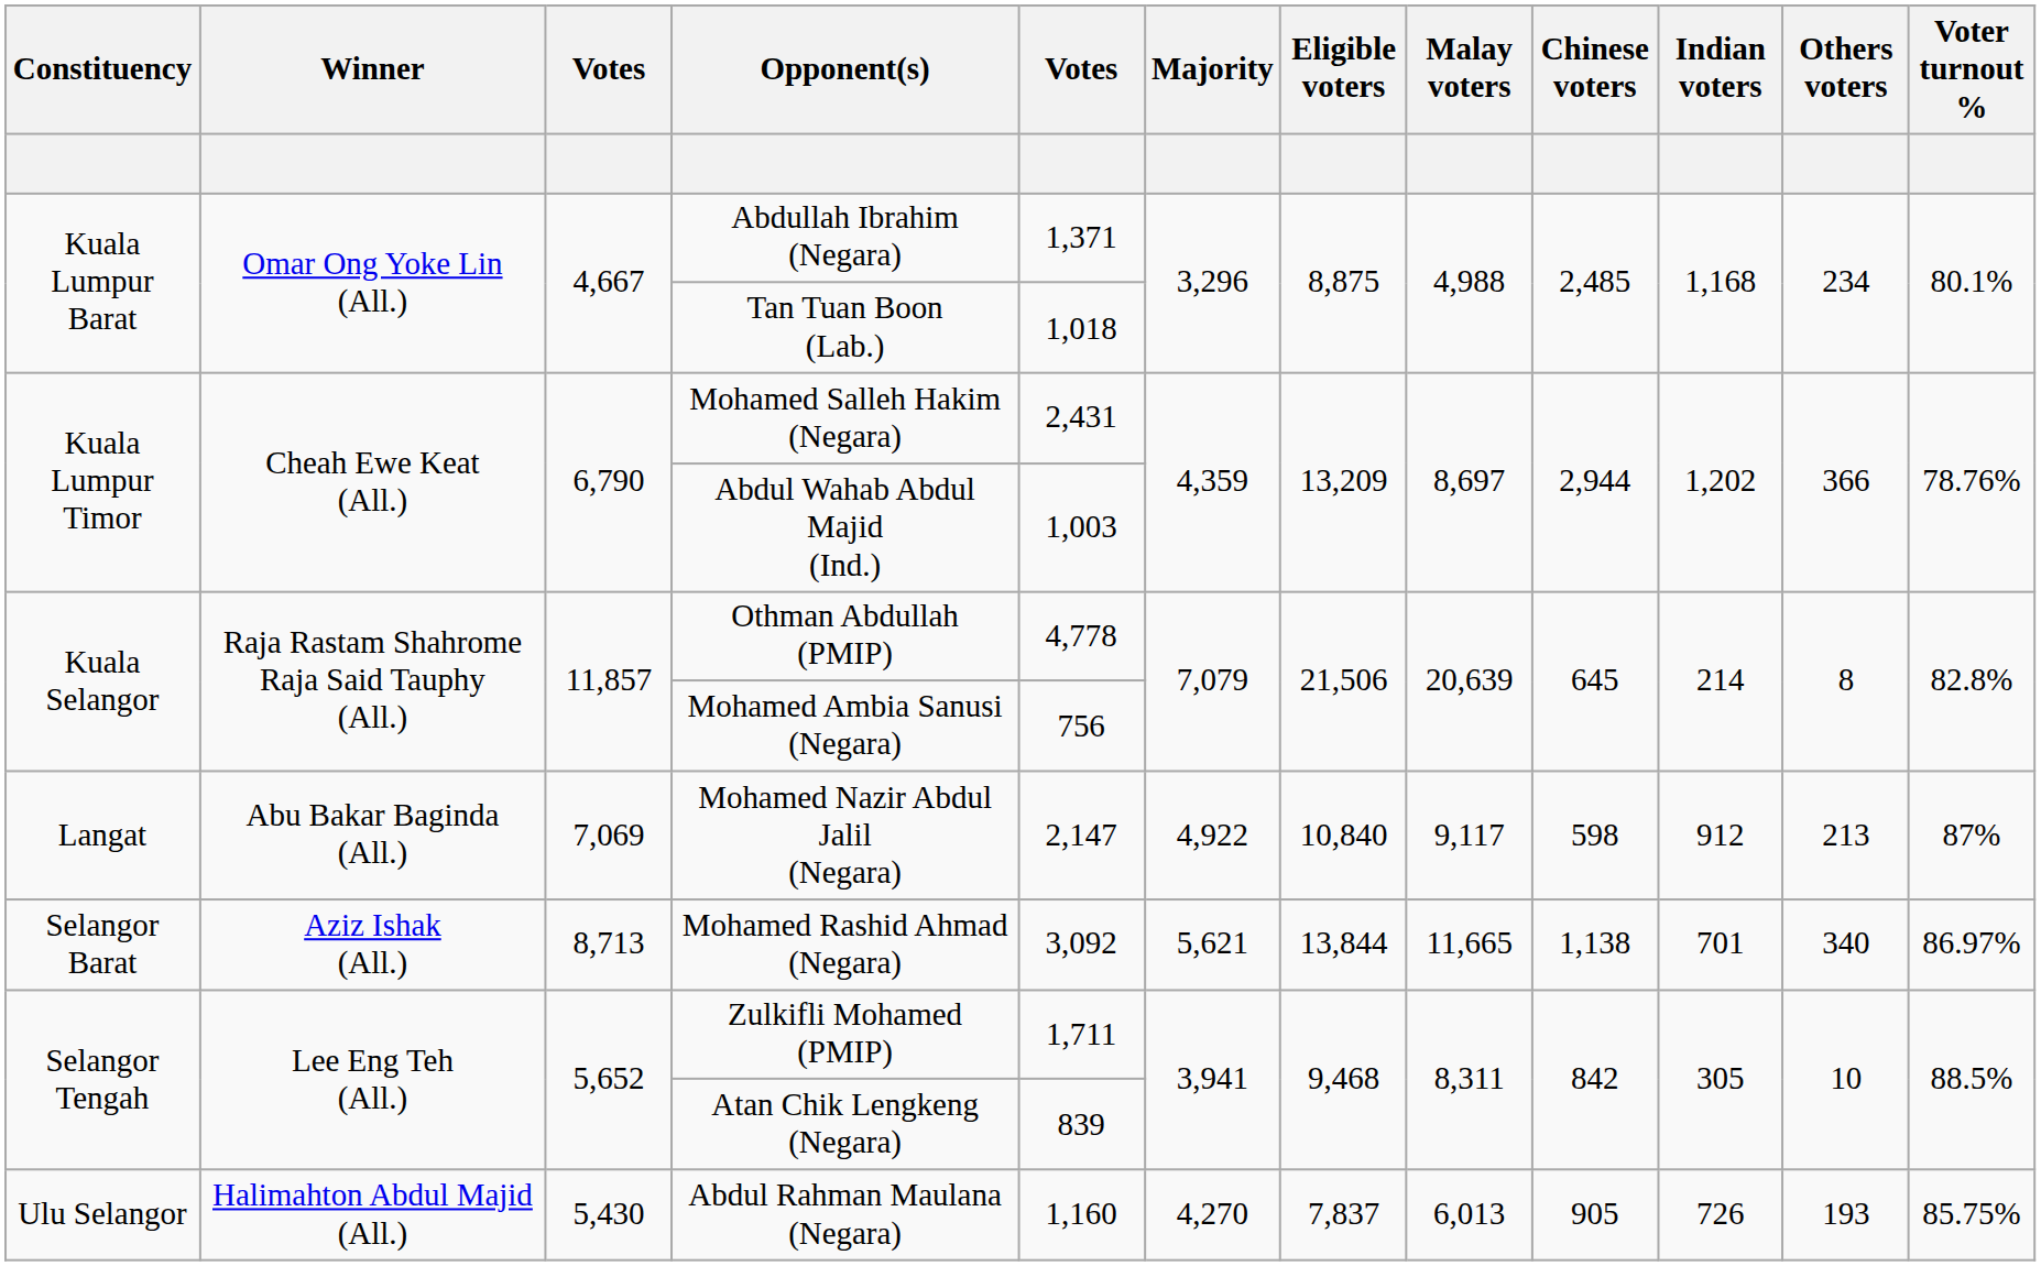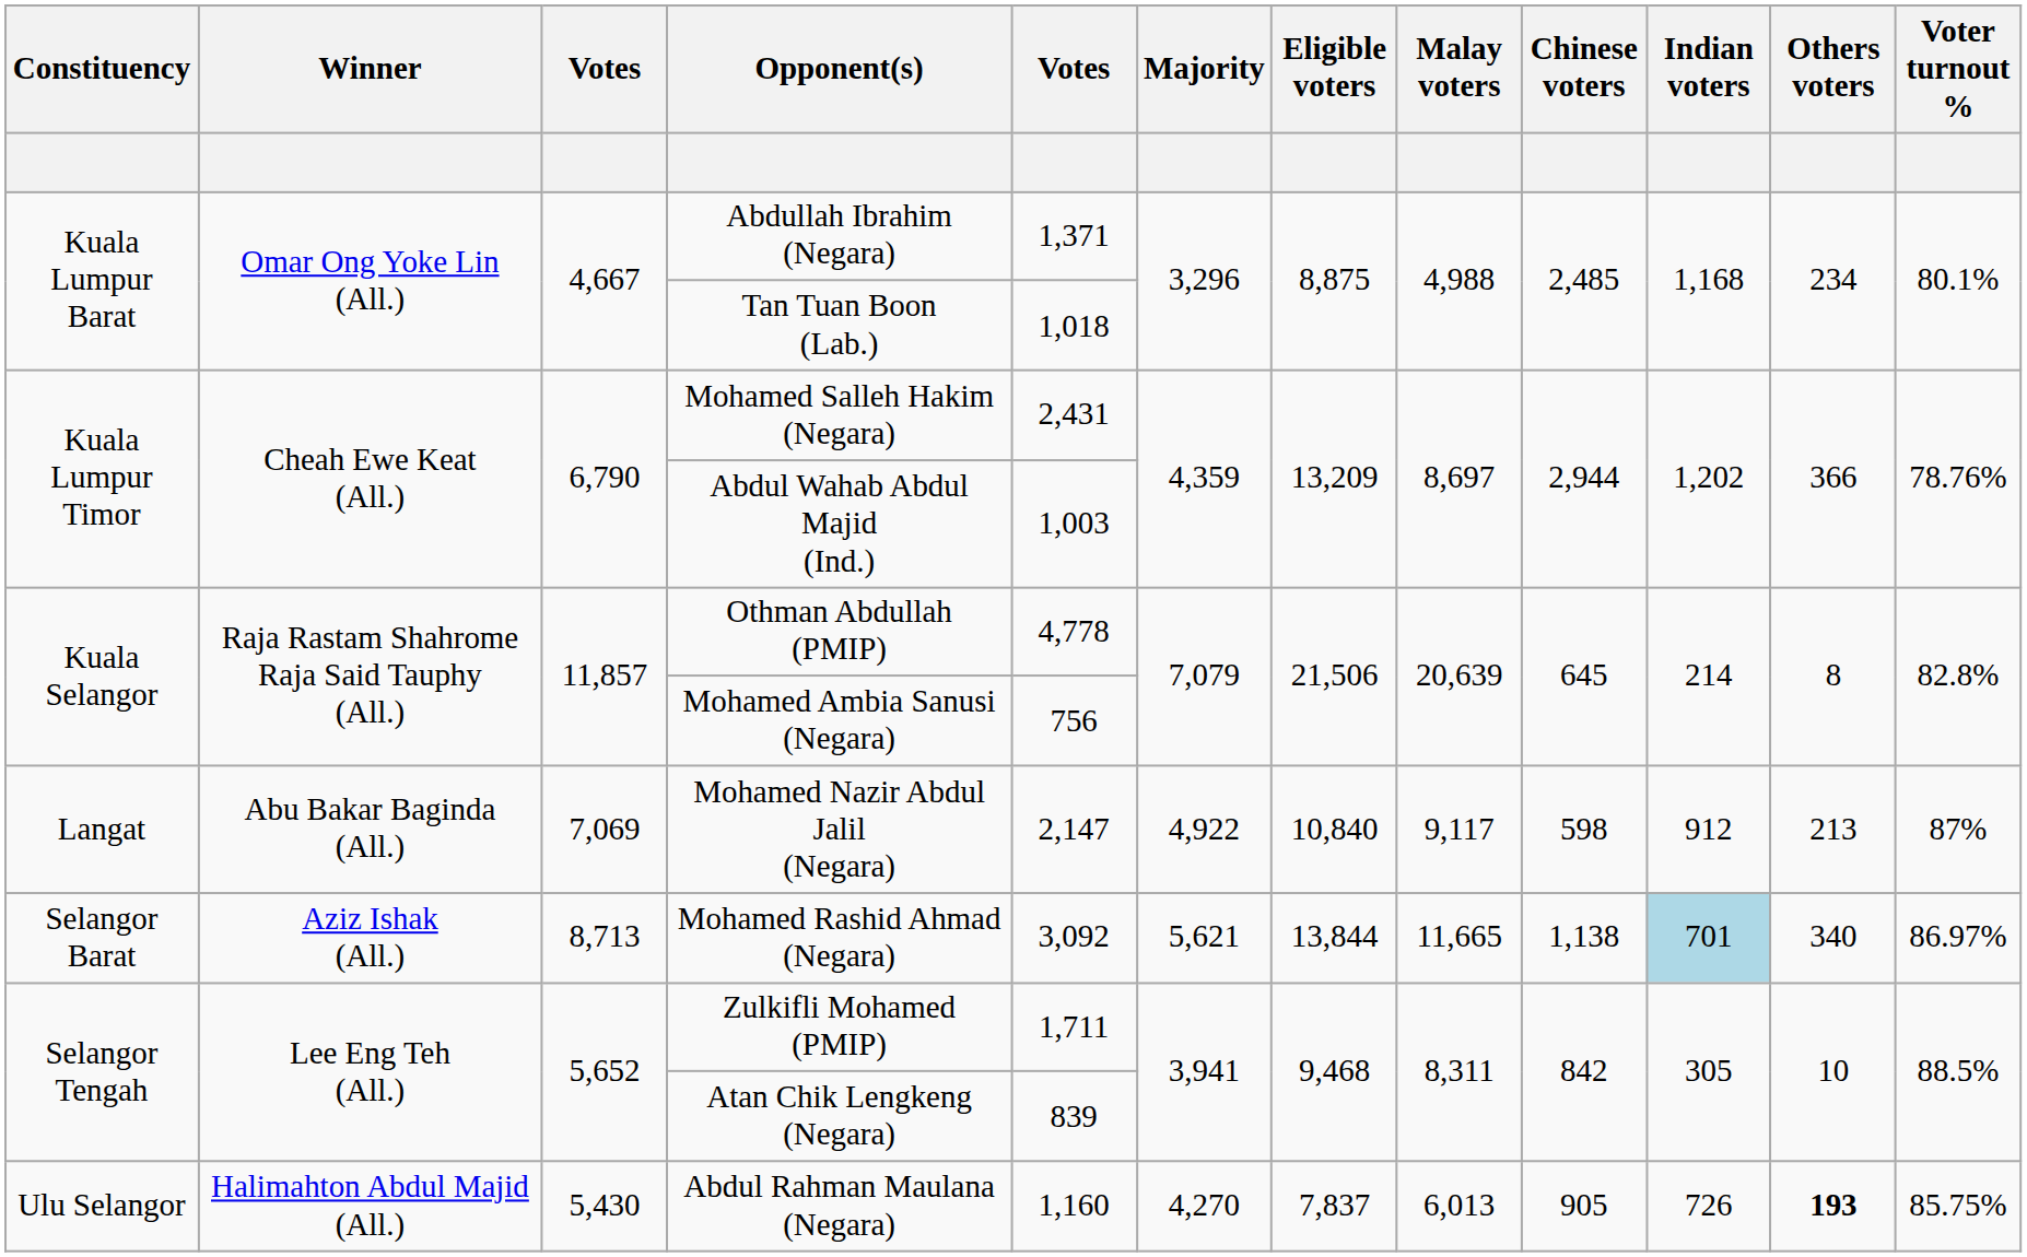 <table class="wikitable sortable" style="text-align:center; font-size:90%">
 <tr>
 <th width="60">Constituency</th>
 <th width="150">Winner</th>
 <th width="50">Votes</th>
 <th width="150">Opponent(s)</th>
 <th width="50">Votes</th>
 <th width="50">Majority</th>
 <th width="50">Eligible voters</th>
 <th width="50">Malay voters</th>
 <th width="50">Chinese voters</th>
 <th width="50">Indian voters</th>
 <th width="50">Others voters</th>
 <th width="50">Voter turnout %</th>
 </tr>
 <tr>
 <th height="20"></th>
 <th></th>
 <th></th>
 <th></th>
 <th></th>
 <th></th>
 <th></th>
 <th></th>
 <th></th>
 <th></th>
 <th></th>
 <th></th>
 </tr>
 <tr>
 <td rowspan=2>Kuala Lumpur Barat</td>
 <td rowspan=2><a href='#'>Omar Ong Yoke Lin</a><br>(All.)</td>
 <td rowspan=2>4,667</td>
 <td>Abdullah Ibrahim<br>(Negara)</td>
 <td>1,371</td>
 <td rowspan=2>3,296</td>
 <td rowspan=2>8,875</td>
 <td rowspan=2>4,988</td>
 <td rowspan=2>2,485</td>
 <td rowspan=2>1,168</td>
 <td rowspan=2>234</td>
 <td rowspan=2>80.1%</td>
 </tr>
 <tr>
 <td>Tan Tuan Boon<br>(Lab.)</td>
 <td>1,018</td>
 </tr>
 <tr>
 <td rowspan=2>Kuala Lumpur Timor</td>
 <td rowspan=2>Cheah Ewe Keat<br>(All.)</td>
 <td rowspan=2>6,790</td>
 <td>Mohamed Salleh Hakim<br>(Negara)</td>
 <td>2,431</td>
 <td rowspan=2>4,359</td>
 <td rowspan=2>13,209</td>
 <td rowspan=2>8,697</td>
 <td rowspan=2>2,944</td>
 <td rowspan=2>1,202</td>
 <td rowspan=2>366</td>
 <td rowspan=2>78.76%</td>
 </tr>
 <tr>
 <td>Abdul Wahab Abdul Majid<br>(Ind.)</td>
 <td>1,003</td>
 </tr>
 <tr>
 <td rowspan=2>Kuala Selangor</td>
 <td rowspan=2>Raja Rastam Shahrome Raja Said Tauphy<br>(All.)</td>
 <td rowspan=2>11,857</td>
 <td>Othman Abdullah<br>(PMIP)</td>
 <td>4,778</td>
 <td rowspan=2>7,079</td>
 <td rowspan=2>21,506</td>
 <td rowspan=2>20,639</td>
 <td rowspan=2>645</td>
 <td rowspan=2>214</td>
 <td rowspan=2>8</td>
 <td rowspan=2>82.8%</td>
 </tr>
 <tr>
 <td>Mohamed Ambia Sanusi<br>(Negara)</td>
 <td>756</td>
 </tr>
 <tr>
 <td>Langat</td>
 <td>Abu Bakar Baginda<br>(All.)</td>
 <td>7,069</td>
 <td>Mohamed Nazir Abdul Jalil<br>(Negara)</td>
 <td>2,147</td>
 <td>4,922</td>
 <td>10,840</td>
 <td>9,117</td>
 <td>598</td>
 <td>912</td>
 <td>213</td>
 <td>87%</td>
 </tr>
 <tr>
 <td>Selangor Barat</td>
 <td><a href='#'>Aziz Ishak</a><br>(All.)</td>
 <td>8,713</td>
 <td>Mohamed Rashid Ahmad<br>(Negara)</td>
 <td>3,092</td>
 <td>5,621</td>
 <td>13,844</td>
 <td>11,665</td>
 <td>1,138</td>
-<td>701</td>
+<td style="background: lightblue;">701</td>
 <td>340</td>
 <td>86.97%</td>
 </tr>
 <tr>
 <td rowspan=2>Selangor Tengah</td>
 <td rowspan=2>Lee Eng Teh<br>(All.)</td>
 <td rowspan=2>5,652</td>
 <td>Zulkifli Mohamed<br>(PMIP)</td>
 <td>1,711</td>
 <td rowspan=2>3,941</td>
 <td rowspan=2>9,468</td>
 <td rowspan=2>8,311</td>
 <td rowspan=2>842</td>
 <td rowspan=2>305</td>
 <td rowspan=2>10</td>
 <td rowspan=2>88.5%</td>
 </tr>
 <tr>
 <td>Atan Chik Lengkeng<br>(Negara)</td>
 <td>839</td>
 </tr>
 <tr>
 <td>Ulu Selangor</td>
 <td><a href='#'>Halimahton Abdul Majid</a><br>(All.)</td>
 <td>5,430</td>
 <td>Abdul Rahman Maulana<br>(Negara)</td>
 <td>1,160</td>
 <td>4,270</td>
 <td>7,837</td>
 <td>6,013</td>
 <td>905</td>
 <td>726</td>
-<td>193</td>
+<td><strong>193</strong></td>
 <td>85.75%</td>
 </tr>
 </table>
